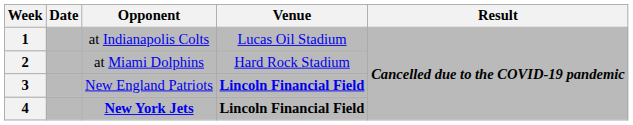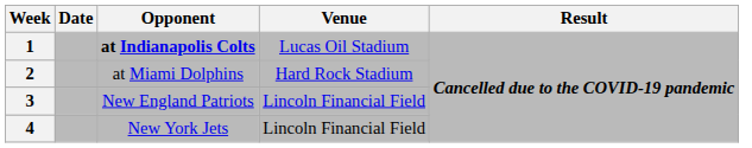 <table class="wikitable" style="text-align:center">
 <tr>
 <th>Week</th>
 <th>Date</th>
 <th>Opponent</th>
 <th>Venue</th>
 <th>Result</th>
 </tr>
 <tr style="background:#bababa">
 <th>1</th>
 <td></td>
-<td>at <a href='#'>Indianapolis Colts</a></td>
+<td><strong>at <a href='#'>Indianapolis Colts</a></strong></td>
 <td><a href='#'>Lucas Oil Stadium</a></td>
 <td rowspan=4><strong><em>Cancelled due to the COVID-19 pandemic</em></strong></td>
 </tr>
 <tr style="background:#bababa">
 <th>2</th>
 <td></td>
 <td>at <a href='#'>Miami Dolphins</a></td>
 <td><a href='#'>Hard Rock Stadium</a></td>
 </tr>
 <tr style="background:#bababa">
 <th>3</th>
 <td></td>
 <td><a href='#'>New England Patriots</a></td>
-<td><strong><a href='#'>Lincoln Financial Field</a></strong></td>
+<td><a href='#'>Lincoln Financial Field</a></td>
 </tr>
 <tr style="background:#bababa">
 <th>4</th>
 <td></td>
-<td><strong><a href='#'>New York Jets</a></strong></td>
-<td><strong>Lincoln Financial Field</strong></td>
+<td><a href='#'>New York Jets</a></td>
+<td>Lincoln Financial Field</td>
 </tr>
 </table>
